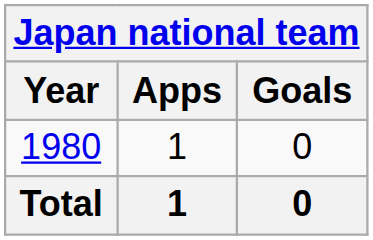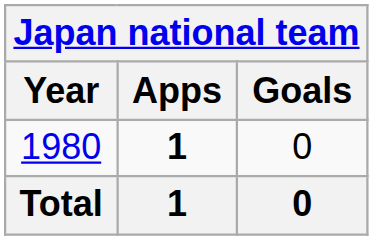 <table class="wikitable" style="text-align:center">
 <tr>
 <th colspan=3><a href='#'>Japan national team</a></th>
 </tr>
 <tr>
 <th>Year</th>
 <th>Apps</th>
 <th>Goals</th>
 </tr>
 <tr>
 <td><a href='#'>1980</a></td>
-<td>1</td>
+<td><strong>1</strong></td>
 <td>0</td>
 </tr>
 <tr>
 <th>Total</th>
 <th>1</th>
 <th>0</th>
 </tr>
 </table>
